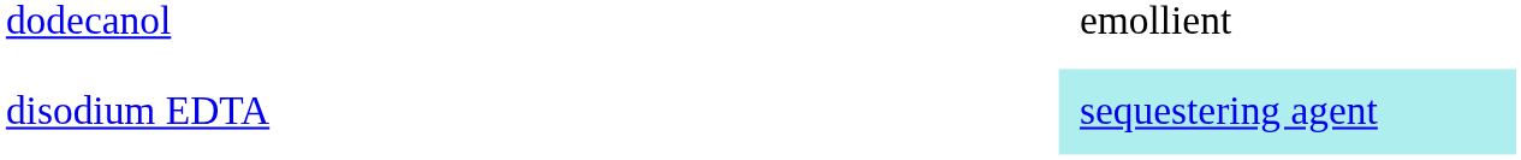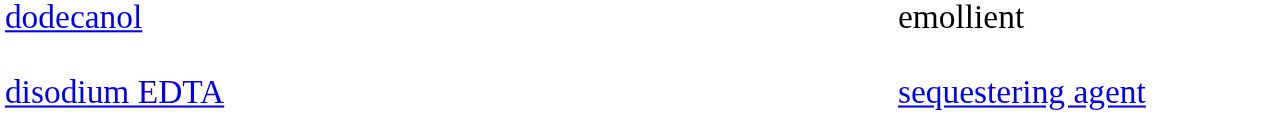 <table cellpadding="8">
 <tr valign="top">
 <td width="20%"><a href='#'>dodecanol</a></td>
 <td width="50%"></td>
 <td width="30%">emollient</td>
 </tr>
 <tr valign="top">
 <td width="20%"><a href='#'>disodium EDTA</a></td>
 <td width="50%"></td>
-<td width="30%" style="background: paleturquoise;"><a href='#'>sequestering agent</a></td>
+<td width="30%"><a href='#'>sequestering agent</a></td>
 </tr>
 </table>
